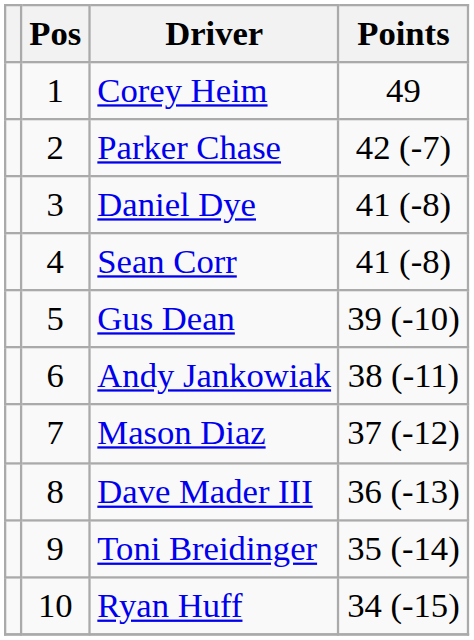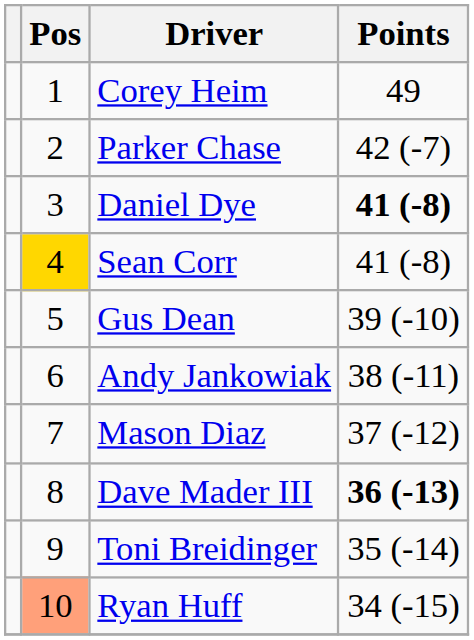 <table class="wikitable" style="font-size: 95%;">
 <tr>
 <th></th>
 <th>Pos</th>
 <th>Driver</th>
 <th>Points</th>
 </tr>
 <tr>
 <td align="left"></td>
 <td style="text-align:center;">1</td>
 <td><a href='#'>Corey Heim</a></td>
 <td style="text-align:center;">49</td>
 </tr>
 <tr>
 <td align="left"></td>
 <td style="text-align:center;">2</td>
 <td><a href='#'>Parker Chase</a></td>
 <td style="text-align:center;">42 (-7)</td>
 </tr>
 <tr>
 <td align="left"></td>
 <td style="text-align:center;">3</td>
 <td><a href='#'>Daniel Dye</a></td>
-<td style="text-align:center;">41 (-8)</td>
+<td style="text-align:center;"><strong>41 (-8)</strong></td>
 </tr>
 <tr>
 <td align="left"></td>
-<td style="text-align:center;">4</td>
+<td style="background: gold; text-align:center;">4</td>
 <td><a href='#'>Sean Corr</a></td>
 <td style="text-align:center;">41 (-8)</td>
 </tr>
 <tr>
 <td align="left"></td>
 <td style="text-align:center;">5</td>
 <td><a href='#'>Gus Dean</a></td>
 <td style="text-align:center;">39 (-10)</td>
 </tr>
 <tr>
 <td align="left"></td>
 <td style="text-align:center;">6</td>
 <td><a href='#'>Andy Jankowiak</a></td>
 <td style="text-align:center;">38 (-11)</td>
 </tr>
 <tr>
 <td align="left"></td>
 <td style="text-align:center;">7</td>
 <td><a href='#'>Mason Diaz</a></td>
 <td style="text-align:center;">37 (-12)</td>
 </tr>
 <tr>
 <td align="left"></td>
 <td style="text-align:center;">8</td>
 <td><a href='#'>Dave Mader III</a></td>
-<td style="text-align:center;">36 (-13)</td>
+<td style="text-align:center;"><strong>36 (-13)</strong></td>
 </tr>
 <tr>
 <td align="left"></td>
 <td style="text-align:center;">9</td>
 <td><a href='#'>Toni Breidinger</a></td>
 <td style="text-align:center;">35 (-14)</td>
 </tr>
 <tr>
 <td align="left"></td>
-<td style="text-align:center;">10</td>
+<td style="background: lightsalmon; text-align:center;">10</td>
 <td><a href='#'>Ryan Huff</a></td>
 <td style="text-align:center;">34 (-15)</td>
 </tr>
 <tr class="sortbottom">
 </tr>
 </table>
